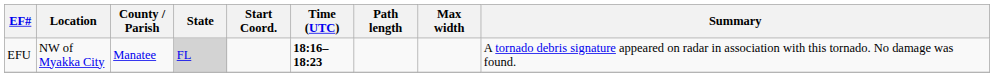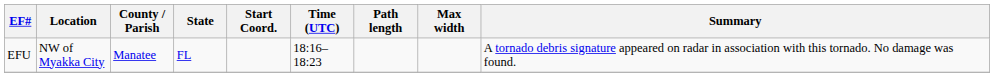 <table class="wikitable sortable" style="width:100%;">
 <tr>
 <th scope="col"  style="width:3%; text-align:center;"><a href='#'>EF#</a></th>
 <th scope="col"  style="width:7%; text-align:center;" class="unsortable">Location</th>
 <th scope="col"  style="width:6%; text-align:center;" class="unsortable">County / Parish</th>
 <th scope="col"  style="width:5%; text-align:center;">State</th>
 <th scope="col"  style="width:6%; text-align:center;">Start Coord.</th>
 <th scope="col"  style="width:6%; text-align:center;">Time (<a href='#'>UTC</a>)</th>
 <th scope="col"  style="width:6%; text-align:center;">Path length</th>
 <th scope="col"  style="width:6%; text-align:center;">Max width</th>
 <th scope="col" class="unsortable" style="width:48%; text-align:center;">Summary</th>
 </tr>
 <tr>
 <td>EFU</td>
 <td>NW of <a href='#'>Myakka City</a></td>
 <td><a href='#'>Manatee</a></td>
-<td style="background: lightgrey;"><a href='#'>FL</a></td>
+<td><a href='#'>FL</a></td>
 <td></td>
-<td><strong>18:16–18:23</strong></td>
+<td>18:16–18:23</td>
 <td></td>
 <td></td>
 <td>A <a href='#'>tornado debris signature</a> appeared on radar in association with this tornado. No damage was found.</td>
 </tr>
 <tr>
 </tr>
 </table>
